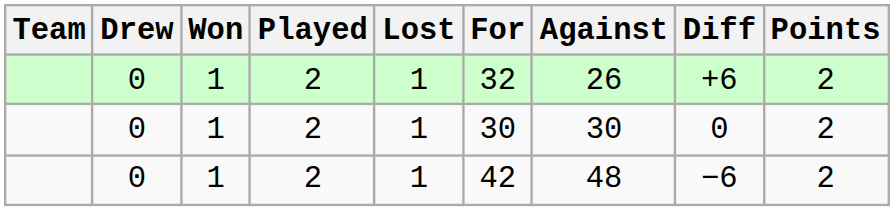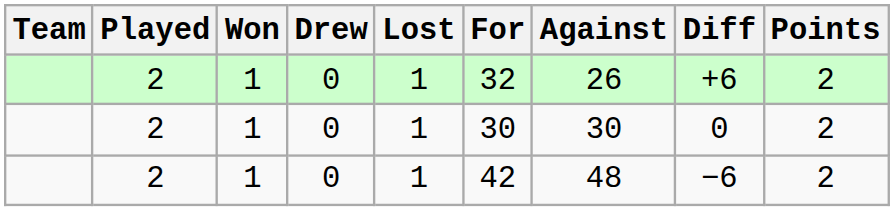 <table class="wikitable" style="text-align:center">
 <tr>
 <th>Team</th>
+<th>Played</th>
+<th>Won</th>
 <th>Drew</th>
-<th>Won</th>
-<th>Played</th>
 <th>Lost</th>
 <th>For</th>
 <th>Against</th>
 <th>Diff</th>
 <th>Points</th>
 </tr>
 <tr bgcolor="#ccffcc">
 <td align=left></td>
+<td>2</td>
+<td>1</td>
 <td>0</td>
-<td>1</td>
-<td>2</td>
 <td>1</td>
 <td>32</td>
 <td>26</td>
 <td>+6</td>
 <td>2</td>
 </tr>
 <tr>
 <td align=left></td>
+<td>2</td>
+<td>1</td>
 <td>0</td>
-<td>1</td>
-<td>2</td>
 <td>1</td>
 <td>30</td>
 <td>30</td>
 <td>0</td>
 <td>2</td>
 </tr>
 <tr>
 <td align=left></td>
+<td>2</td>
+<td>1</td>
 <td>0</td>
-<td>1</td>
-<td>2</td>
 <td>1</td>
 <td>42</td>
 <td>48</td>
 <td>−6</td>
 <td>2</td>
 </tr>
 </table>
